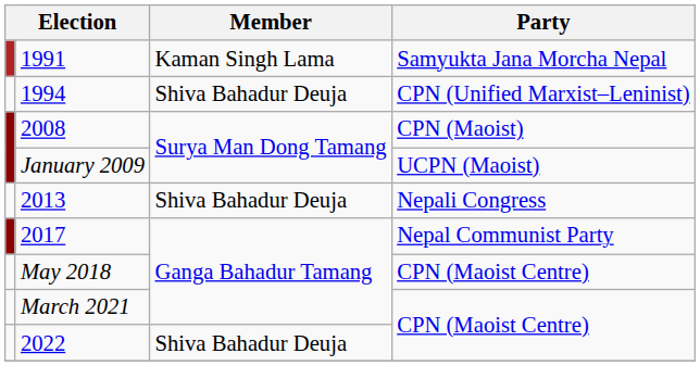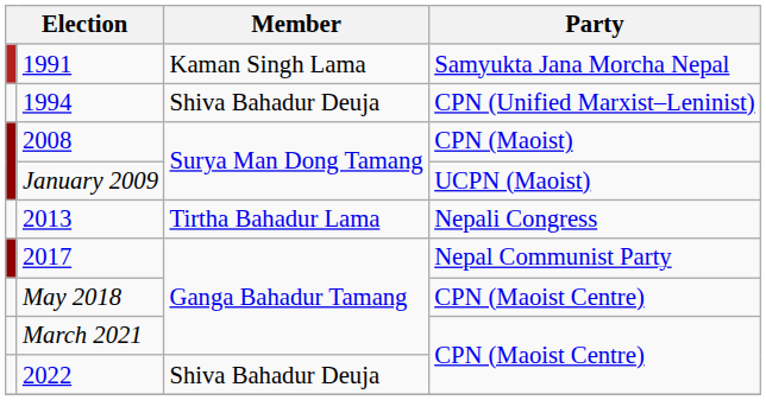 <table class="wikitable">
 <tr>
 <th colspan="2">Election</th>
 <th>Member</th>
 <th>Party</th>
 </tr>
 <tr>
 <td style="background-color:firebrick"></td>
 <td><a href='#'>1991</a></td>
 <td>Kaman Singh Lama</td>
 <td><a href='#'>Samyukta Jana Morcha Nepal</a></td>
 </tr>
 <tr>
 <td style="background-color:"></td>
 <td><a href='#'>1994</a></td>
 <td>Shiva Bahadur Deuja</td>
 <td><a href='#'>CPN (Unified Marxist–Leninist)</a></td>
 </tr>
 <tr>
 <td rowspan="2" style="background-color:darkred"></td>
 <td><a href='#'>2008</a></td>
 <td rowspan="2"><a href='#'>Surya Man Dong Tamang</a></td>
 <td><a href='#'>CPN (Maoist)</a></td>
 </tr>
 <tr>
 <td><em>January 2009</em></td>
 <td><a href='#'>UCPN (Maoist)</a></td>
 </tr>
 <tr>
 <td style="background-color:"></td>
 <td><a href='#'>2013</a></td>
-<td>Shiva Bahadur Deuja</td>
+<td><a href='#'>Tirtha Bahadur Lama</a></td>
 <td><a href='#'>Nepali Congress</a></td>
 </tr>
 <tr>
 <td style="background-color:darkred"></td>
 <td><a href='#'>2017</a></td>
 <td rowspan="3"><a href='#'>Ganga Bahadur Tamang</a></td>
 <td><a href='#'>Nepal Communist Party</a></td>
 </tr>
 <tr>
 <td style="background-color:"></td>
 <td><em>May 2018</em></td>
 <td><a href='#'>CPN (Maoist Centre)</a></td>
 </tr>
 <tr>
 <td></td>
 <td><em>March 2021</em></td>
 <td rowspan="2"><a href='#'>CPN (Maoist Centre)</a></td>
 </tr>
 <tr>
 <td></td>
 <td><a href='#'>2022</a></td>
 <td>Shiva Bahadur Deuja</td>
 </tr>
 <tr>
 </tr>
 </table>
